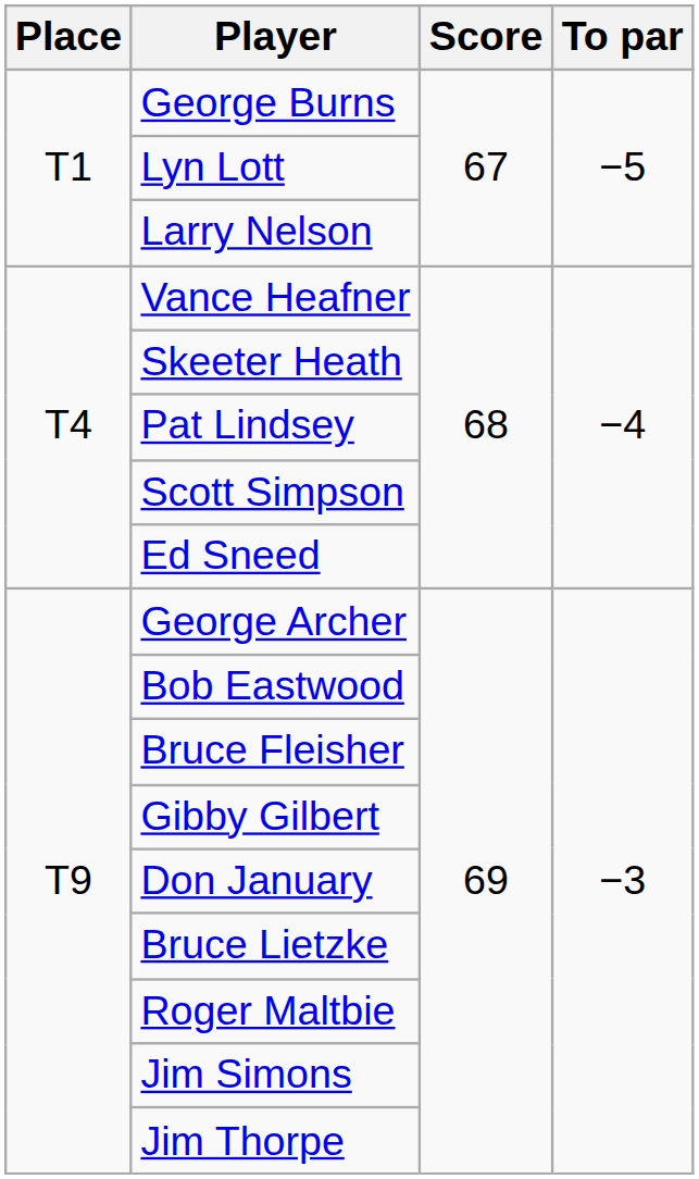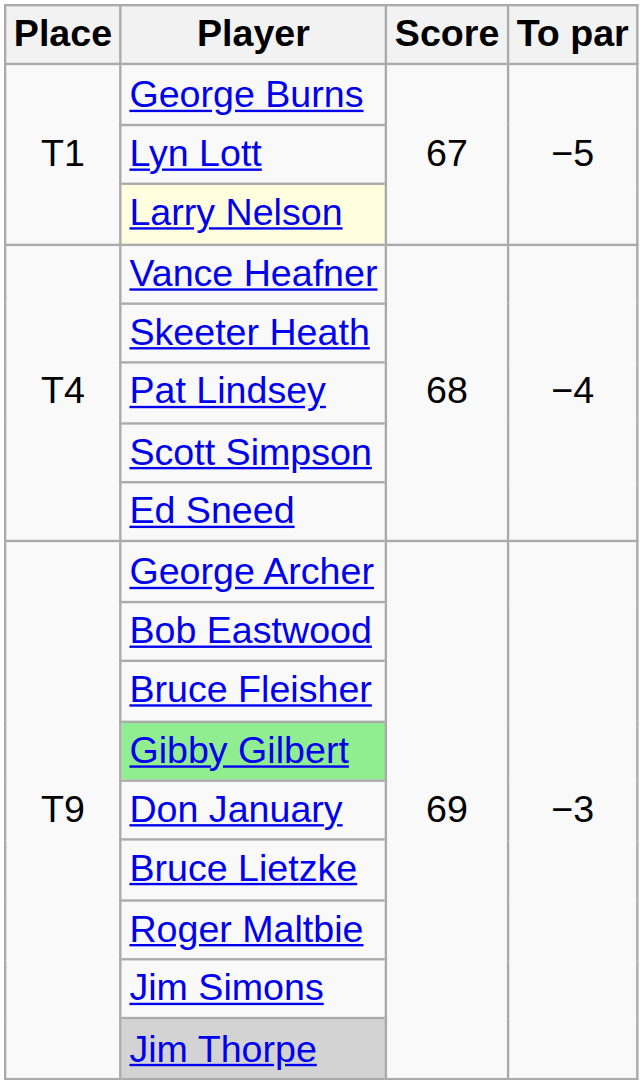 <table class="wikitable">
 <tr>
 <th>Place</th>
 <th>Player</th>
 <th>Score</th>
 <th>To par</th>
 </tr>
 <tr>
 <td rowspan=3 align=center>T1</td>
 <td> <a href='#'>George Burns</a></td>
 <td rowspan=3 align=center>67</td>
 <td rowspan=3 align=center>−5</td>
 </tr>
 <tr>
 <td> <a href='#'>Lyn Lott</a></td>
 </tr>
 <tr>
-<td> <a href='#'>Larry Nelson</a></td>
+<td style="background: lightyellow;"> <a href='#'>Larry Nelson</a></td>
 </tr>
 <tr>
 <td rowspan=5 align=center>T4</td>
 <td> <a href='#'>Vance Heafner</a></td>
 <td rowspan=5 align=center>68</td>
 <td rowspan=5 align=center>−4</td>
 </tr>
 <tr>
 <td> <a href='#'>Skeeter Heath</a></td>
 </tr>
 <tr>
 <td> <a href='#'>Pat Lindsey</a></td>
 </tr>
 <tr>
 <td> <a href='#'>Scott Simpson</a></td>
 </tr>
 <tr>
 <td> <a href='#'>Ed Sneed</a></td>
 </tr>
 <tr>
 <td rowspan=9 align=center>T9</td>
 <td> <a href='#'>George Archer</a></td>
 <td rowspan=9 align=center>69</td>
 <td rowspan=9 align=center>−3</td>
 </tr>
 <tr>
 <td> <a href='#'>Bob Eastwood</a></td>
 </tr>
 <tr>
 <td> <a href='#'>Bruce Fleisher</a></td>
 </tr>
 <tr>
-<td> <a href='#'>Gibby Gilbert</a></td>
+<td style="background: lightgreen;"> <a href='#'>Gibby Gilbert</a></td>
 </tr>
 <tr>
 <td> <a href='#'>Don January</a></td>
 </tr>
 <tr>
 <td> <a href='#'>Bruce Lietzke</a></td>
 </tr>
 <tr>
 <td> <a href='#'>Roger Maltbie</a></td>
 </tr>
 <tr>
 <td> <a href='#'>Jim Simons</a></td>
 </tr>
 <tr>
-<td> <a href='#'>Jim Thorpe</a></td>
+<td style="background: lightgrey;"> <a href='#'>Jim Thorpe</a></td>
 </tr>
 </table>
